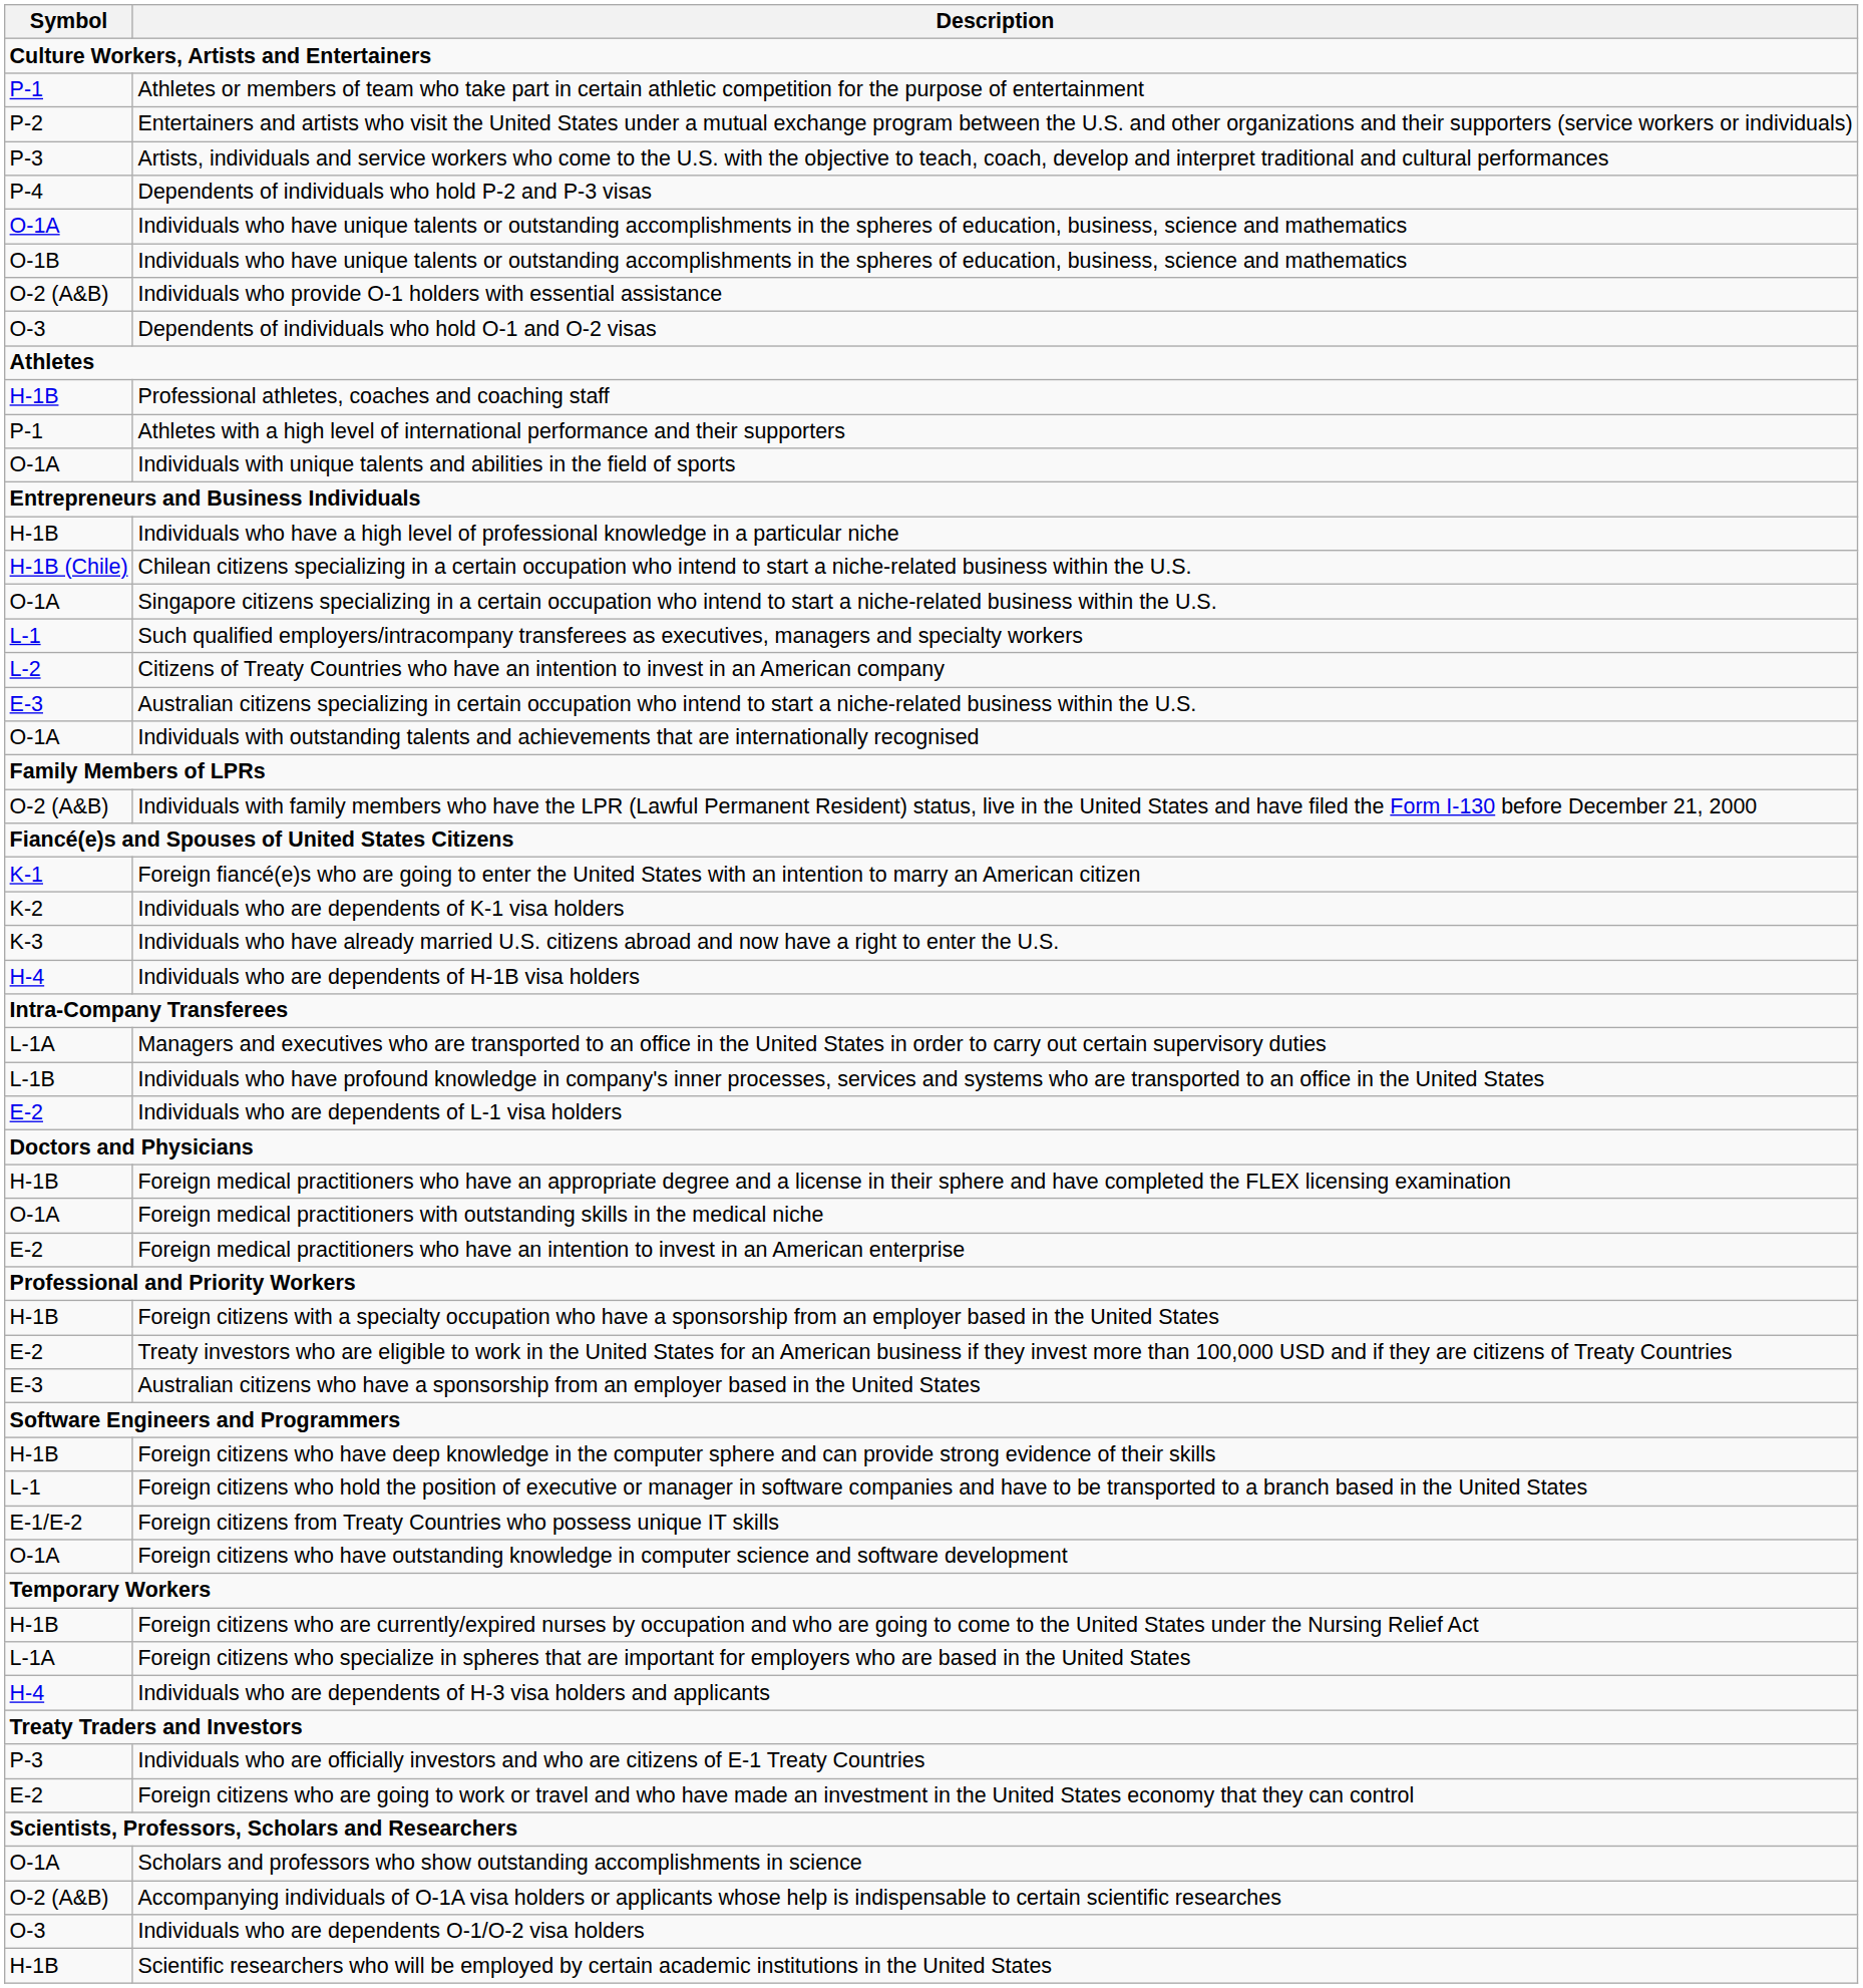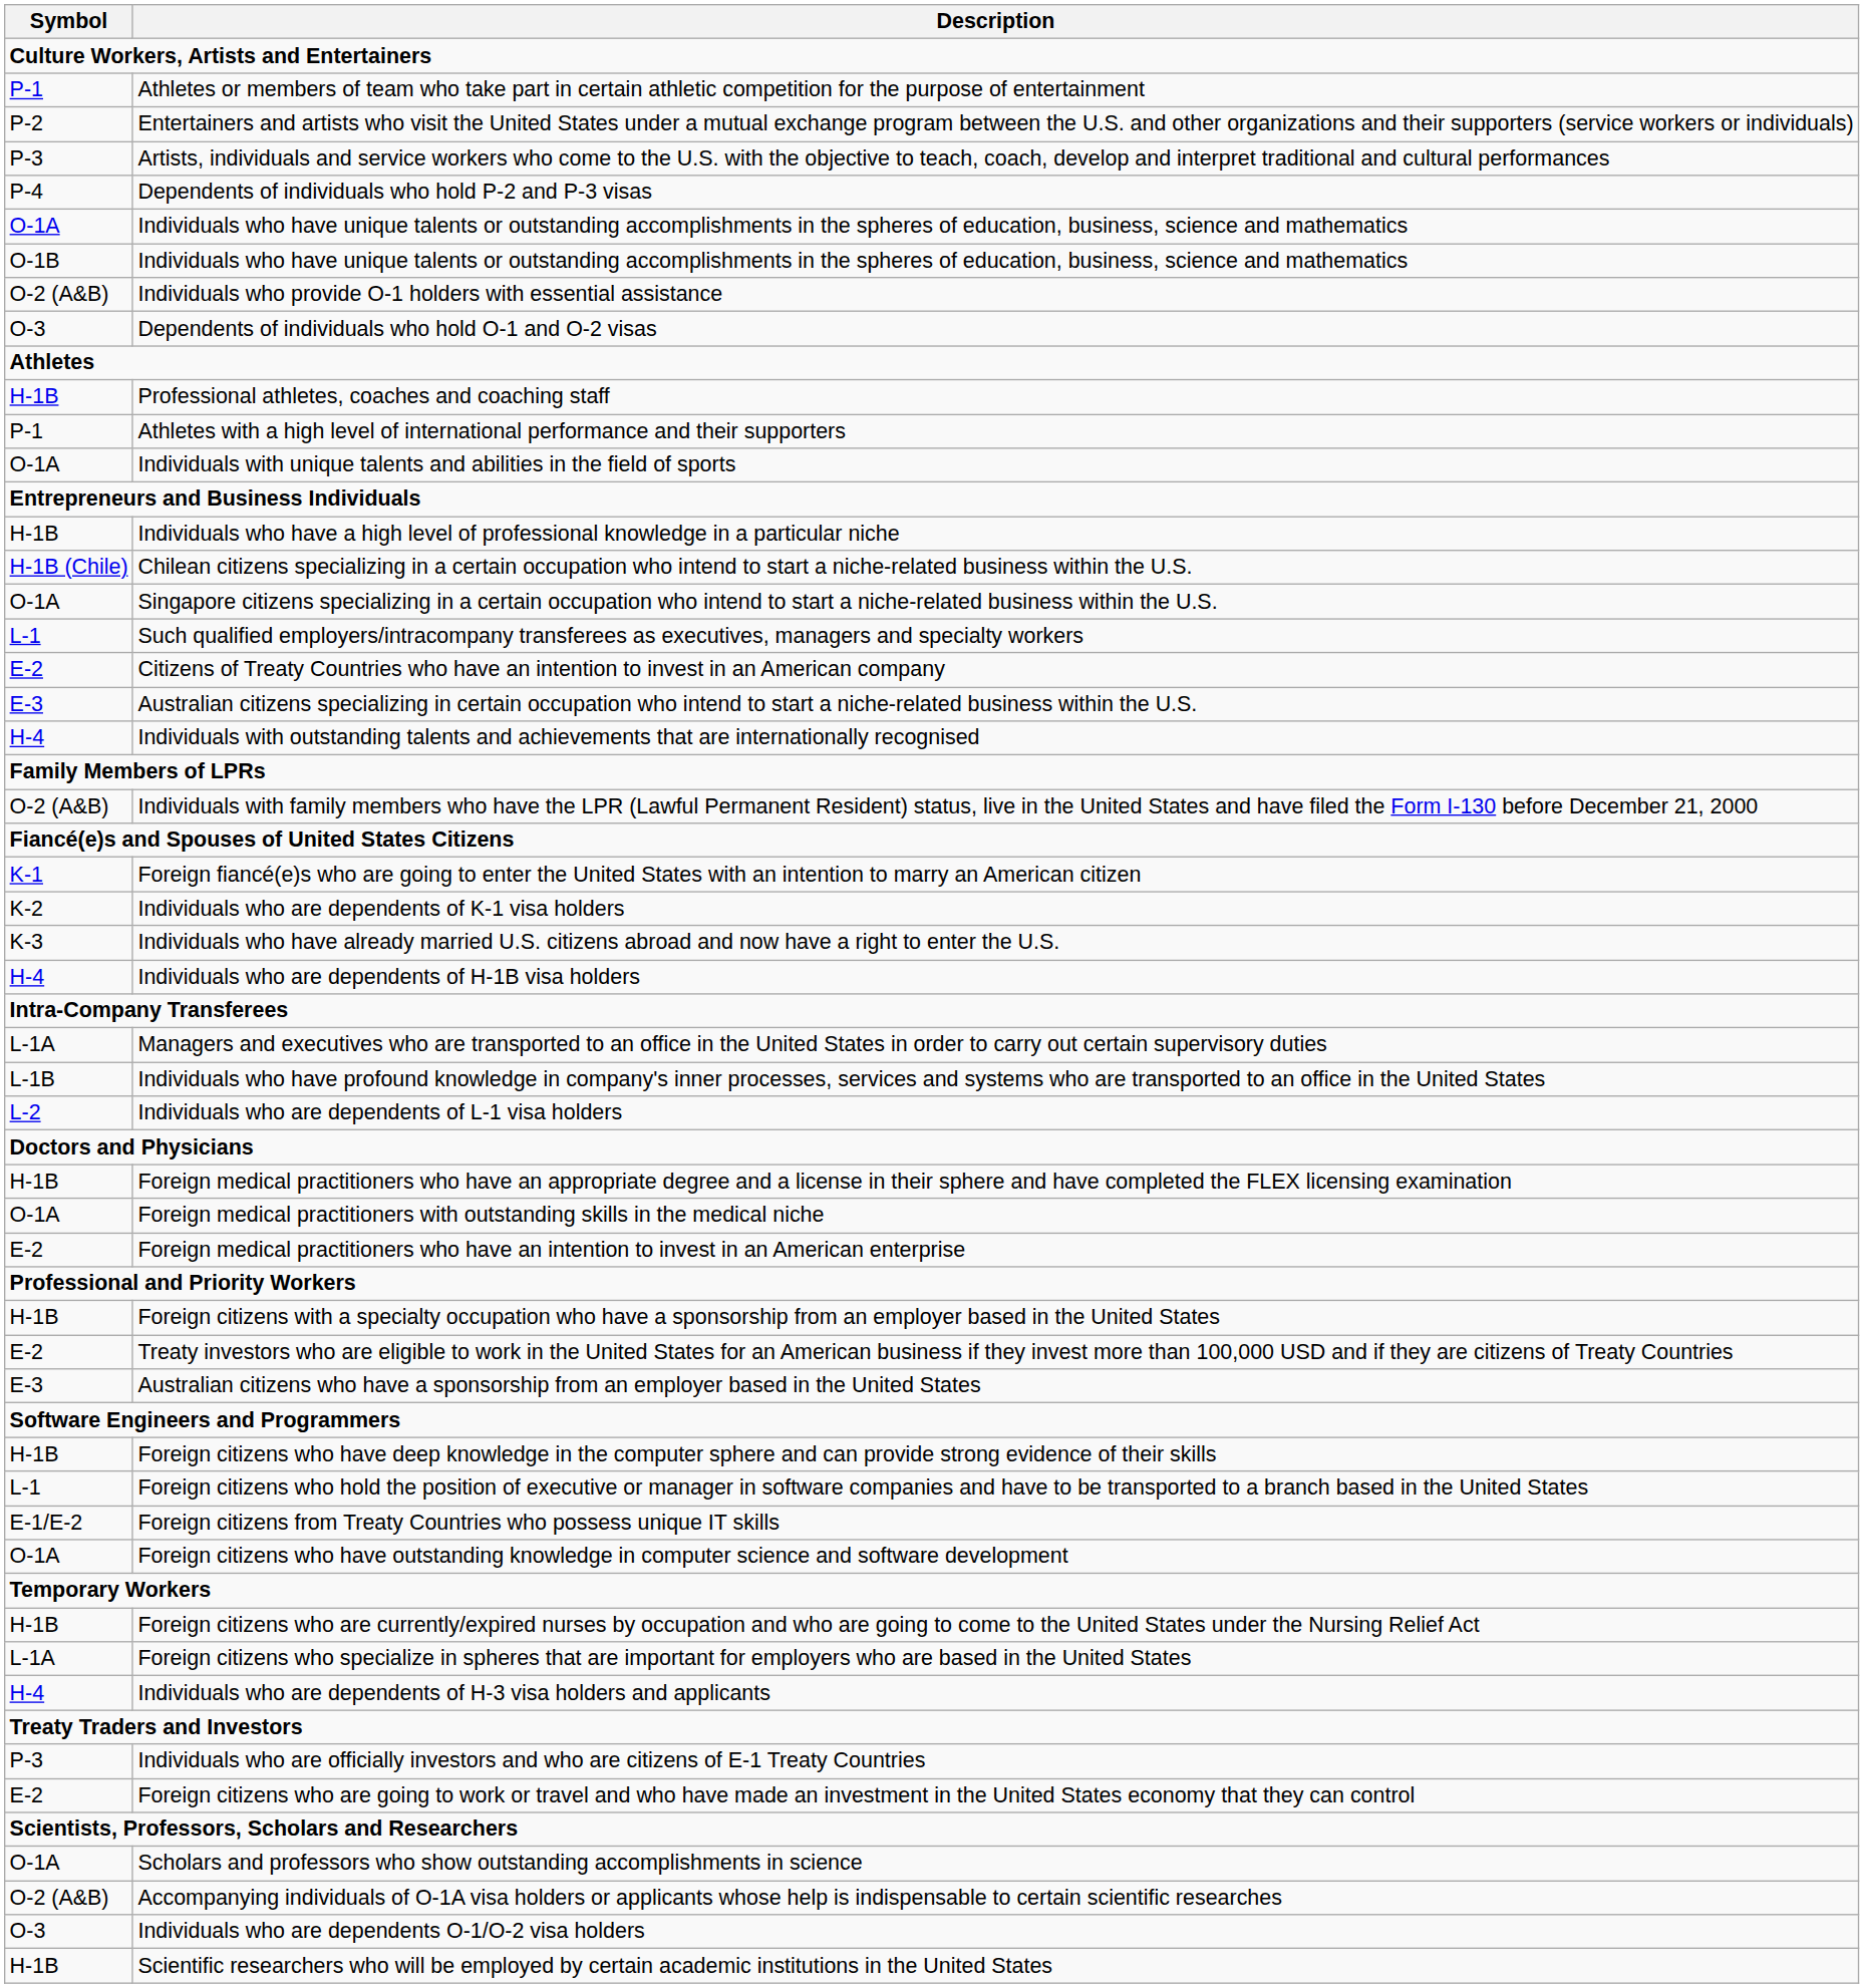 <table class="wikitable collapsible">
 <tr>
 <th>Symbol</th>
 <th>Description</th>
 </tr>
 <tr>
 <td colspan=2><strong>Culture Workers, Artists and Entertainers</strong></td>
 </tr>
 <tr>
 <td><a href='#'>P-1</a></td>
 <td>Athletes or members of team who take part in certain athletic competition for the purpose of entertainment</td>
 </tr>
 <tr>
 <td>P-2</td>
 <td>Entertainers and artists who visit the United States under a mutual exchange program between the U.S. and other organizations and their supporters (service workers or individuals)</td>
 </tr>
 <tr>
 <td>P-3</td>
 <td>Artists, individuals and service workers who come to the U.S. with the objective to teach, coach, develop and interpret traditional and cultural performances</td>
 </tr>
 <tr>
 <td>P-4</td>
 <td>Dependents of individuals who hold P-2 and P-3 visas</td>
 </tr>
 <tr>
 <td><a href='#'>O-1A</a></td>
 <td>Individuals who have unique talents or outstanding accomplishments in the spheres of education, business, science and mathematics</td>
 </tr>
 <tr>
 <td>O-1B</td>
 <td>Individuals who have unique talents or outstanding accomplishments in the spheres of education, business, science and mathematics</td>
 </tr>
 <tr>
 <td>O-2 (A&B)</td>
 <td>Individuals who provide O-1 holders with essential assistance</td>
 </tr>
 <tr>
 <td>O-3</td>
 <td>Dependents of individuals who hold O-1 and O-2 visas</td>
 </tr>
 <tr>
 <td colspan=2><strong>Athletes</strong></td>
 </tr>
 <tr>
 <td><a href='#'>H-1B</a></td>
 <td>Professional athletes, coaches and coaching staff</td>
 </tr>
 <tr>
 <td>P-1</td>
 <td>Athletes with a high level of international performance and their supporters</td>
 </tr>
 <tr>
 <td>O-1A</td>
 <td>Individuals with unique talents and abilities in the field of sports</td>
 </tr>
 <tr>
 <td colspan=2><strong>Entrepreneurs and Business Individuals</strong></td>
 </tr>
 <tr>
 <td>H-1B</td>
 <td>Individuals who have a high level of professional knowledge in a particular niche</td>
 </tr>
 <tr>
 <td><a href='#'>H-1B (Chile)</a></td>
 <td>Chilean citizens specializing in a certain occupation who intend to start a niche-related business within the U.S.</td>
 </tr>
 <tr>
 <td>O-1A</td>
 <td>Singapore citizens specializing in a certain occupation who intend to start a niche-related business within the U.S.</td>
 </tr>
 <tr>
 <td><a href='#'>L-1</a></td>
 <td>Such qualified employers/intracompany transferees as executives, managers and specialty workers</td>
 </tr>
 <tr>
-<td><a href='#'>L-2</a></td>
+<td><a href='#'>E-2</a></td>
 <td>Citizens of Treaty Countries who have an intention to invest in an American company</td>
 </tr>
 <tr>
 <td><a href='#'>E-3</a></td>
 <td>Australian citizens specializing in certain occupation who intend to start a niche-related business within the U.S.</td>
 </tr>
 <tr>
-<td>O-1A</td>
+<td><a href='#'>H-4</a></td>
 <td>Individuals with outstanding talents and achievements that are internationally recognised</td>
 </tr>
 <tr>
 <td colspan=2><strong>Family Members of LPRs</strong></td>
 </tr>
 <tr>
 <td>O-2 (A&B)</td>
 <td>Individuals with family members who have the LPR (Lawful Permanent Resident) status, live in the United States and have filed the <a href='#'>Form I-130</a> before December 21, 2000</td>
 </tr>
 <tr>
 <td colspan=2><strong>Fiancé(e)s and Spouses of United States Citizens</strong></td>
 </tr>
 <tr>
 <td><a href='#'>K-1</a></td>
 <td>Foreign fiancé(e)s who are going to enter the United States with an intention to marry an American citizen</td>
 </tr>
 <tr>
 <td>K-2</td>
 <td>Individuals who are dependents of K-1 visa holders</td>
 </tr>
 <tr>
 <td>K-3</td>
 <td>Individuals who have already married U.S. citizens abroad and now have a right to enter the U.S.</td>
 </tr>
 <tr>
 <td><a href='#'>H-4</a></td>
 <td>Individuals who are dependents of H-1B visa holders</td>
 </tr>
 <tr>
 <td colspan=2><strong>Intra-Company Transferees</strong></td>
 </tr>
 <tr>
 <td>L-1A</td>
 <td>Managers and executives who are transported to an office in the United States in order to carry out certain supervisory duties</td>
 </tr>
 <tr>
 <td>L-1B</td>
 <td>Individuals who have profound knowledge in company's inner processes, services and systems who are transported to an office in the United States</td>
 </tr>
 <tr>
-<td><a href='#'>E-2</a></td>
+<td><a href='#'>L-2</a></td>
 <td>Individuals who are dependents of L-1 visa holders</td>
 </tr>
 <tr>
 <td colspan=2><strong>Doctors and Physicians</strong></td>
 </tr>
 <tr>
 <td>H-1B</td>
 <td>Foreign medical practitioners who have an appropriate degree and a license in their sphere and have completed the FLEX licensing examination</td>
 </tr>
 <tr>
 <td>O-1A</td>
 <td>Foreign medical practitioners with outstanding skills in the medical niche</td>
 </tr>
 <tr>
 <td>E-2</td>
 <td>Foreign medical practitioners who have an intention to invest in an American enterprise</td>
 </tr>
 <tr>
 <td colspan=2><strong>Professional and Priority Workers</strong></td>
 </tr>
 <tr>
 <td>H-1B</td>
 <td>Foreign citizens with a specialty occupation who have a sponsorship from an employer based in the United States</td>
 </tr>
 <tr>
 <td>E-2</td>
 <td>Treaty investors who are eligible to work in the United States for an American business if they invest more than 100,000 USD and if they are citizens of Treaty Countries</td>
 </tr>
 <tr>
 <td>E-3</td>
 <td>Australian citizens who have a sponsorship from an employer based in the United States</td>
 </tr>
 <tr>
 <td colspan=2><strong>Software Engineers and Programmers</strong></td>
 </tr>
 <tr>
 <td>H-1B</td>
 <td>Foreign citizens who have deep knowledge in the computer sphere and can provide strong evidence of their skills</td>
 </tr>
 <tr>
 <td>L-1</td>
 <td>Foreign citizens who hold the position of executive or manager in software companies and have to be transported to a branch based in the United States</td>
 </tr>
 <tr>
 <td>E-1/E-2</td>
 <td>Foreign citizens from Treaty Countries who possess unique IT skills</td>
 </tr>
 <tr>
 <td>O-1A</td>
 <td>Foreign citizens who have outstanding knowledge in computer science and software development</td>
 </tr>
 <tr>
 <td colspan=2><strong>Temporary Workers</strong></td>
 </tr>
 <tr>
 <td>H-1B</td>
 <td>Foreign citizens who are currently/expired nurses by occupation and who are going to come to the United States under the Nursing Relief Act</td>
 </tr>
 <tr>
 <td>L-1A</td>
 <td>Foreign citizens who specialize in spheres that are important for employers who are based in the United States</td>
 </tr>
 <tr>
 <td><a href='#'>H-4</a></td>
 <td>Individuals who are dependents of H-3 visa holders and applicants</td>
 </tr>
 <tr>
 <td colspan=2><strong>Treaty Traders and Investors</strong></td>
 </tr>
 <tr>
 <td>P-3</td>
 <td>Individuals who are officially investors and who are citizens of E-1 Treaty Countries</td>
 </tr>
 <tr>
 <td>E-2</td>
 <td>Foreign citizens who are going to work or travel and who have made an investment in the United States economy that they can control</td>
 </tr>
 <tr>
 <td colspan=2><strong>Scientists, Professors, Scholars and Researchers</strong></td>
 </tr>
 <tr>
 <td>O-1A</td>
 <td>Scholars and professors who show outstanding accomplishments in science</td>
 </tr>
 <tr>
 <td>O-2 (A&B)</td>
 <td>Accompanying individuals of O-1A visa holders or applicants whose help is indispensable to certain scientific researches</td>
 </tr>
 <tr>
 <td>O-3</td>
 <td>Individuals who are dependents O-1/O-2 visa holders</td>
 </tr>
 <tr>
 <td>H-1B</td>
 <td>Scientific researchers who will be employed by certain academic institutions in the United States</td>
 </tr>
 </table>
